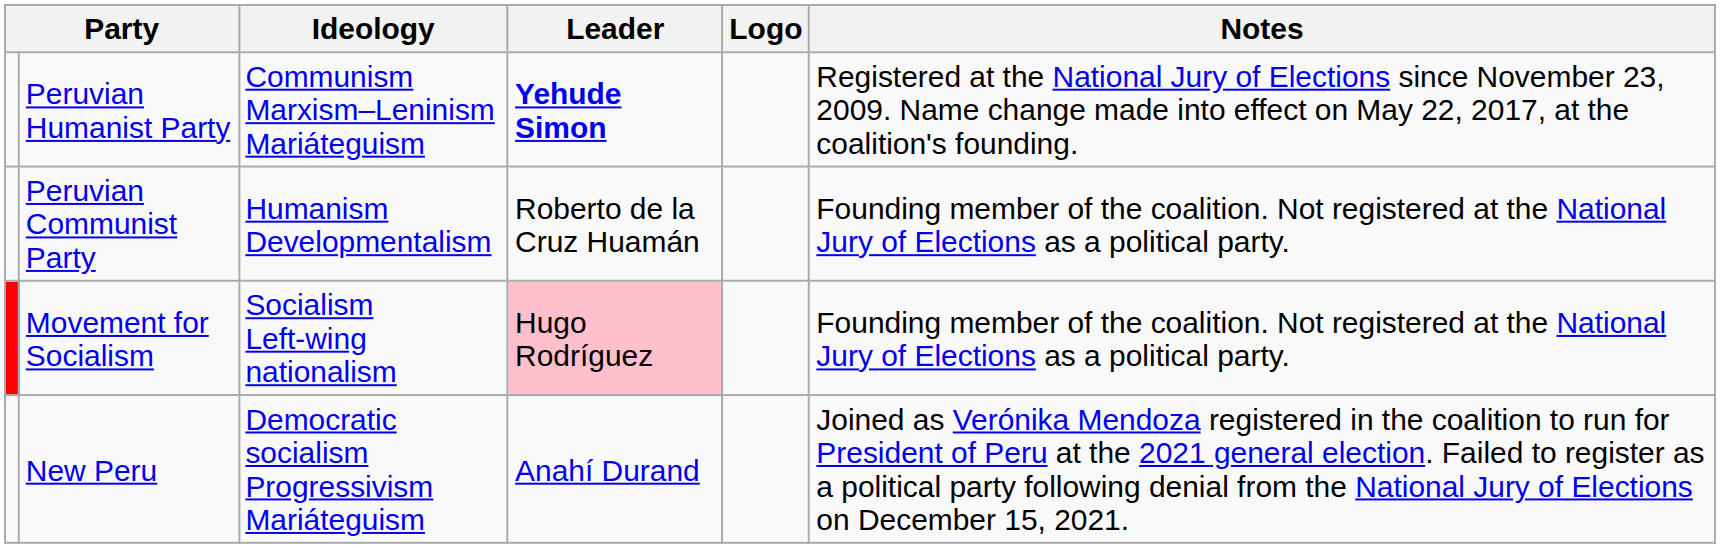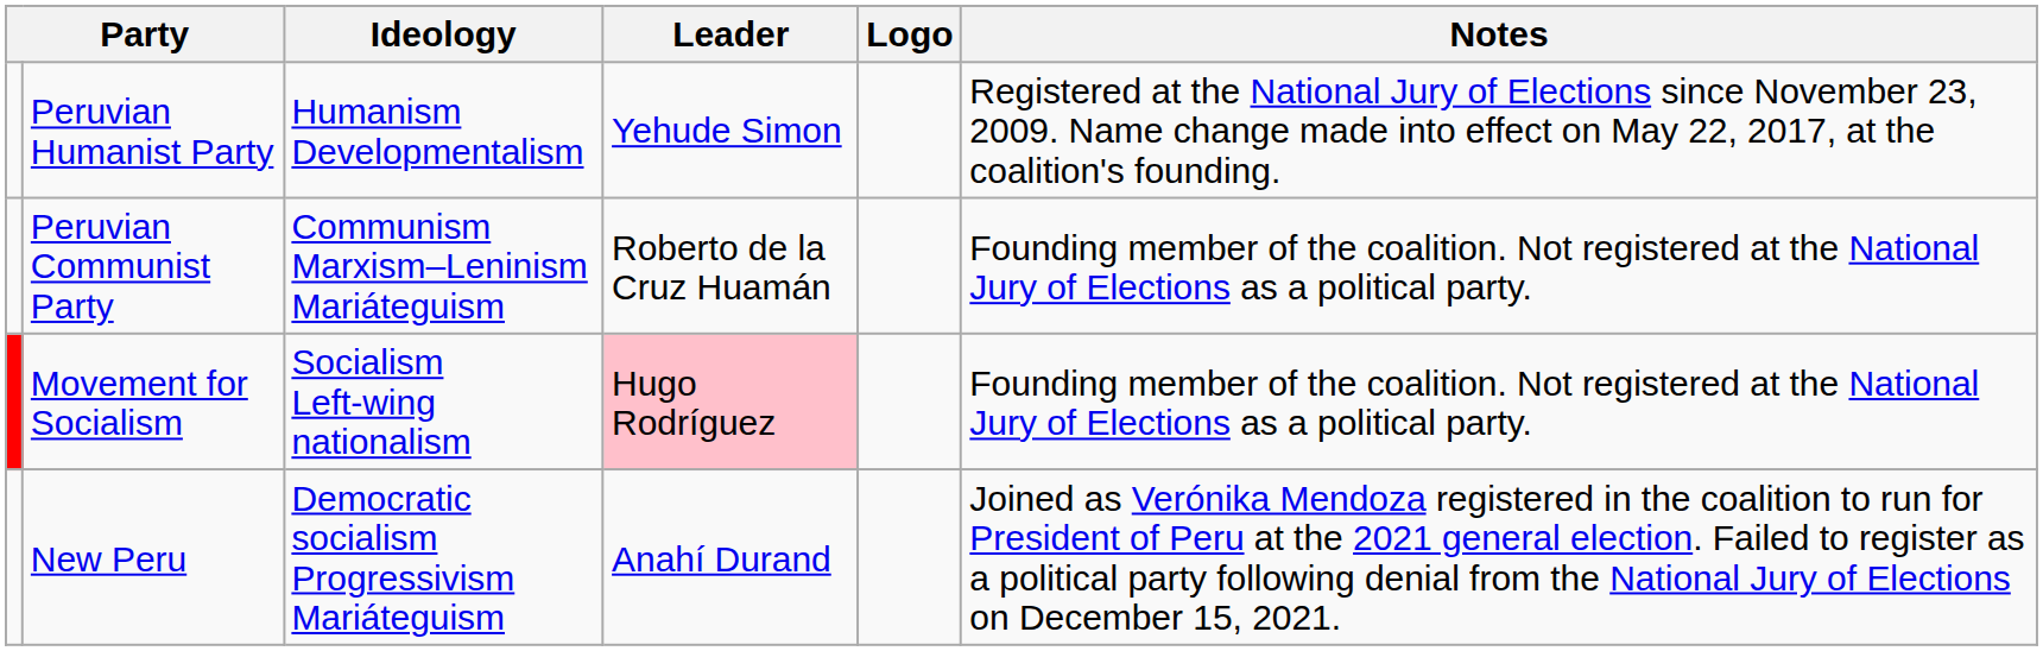 <table class="wikitable" style="font-size:95%">
 <tr>
 <th colspan="2">Party</th>
 <th>Ideology</th>
 <th>Leader</th>
 <th>Logo</th>
 <th>Notes</th>
 </tr>
 <tr>
 <td></td>
 <td><a href='#'>Peruvian Humanist Party</a></td>
-<td><a href='#'>Communism</a><br><a href='#'>Marxism–Leninism</a><br><a href='#'>Mariáteguism</a></td>
-<td><strong><a href='#'>Yehude Simon</a></strong></td>
+<td><a href='#'>Humanism</a><br><a href='#'>Developmentalism</a></td>
+<td><a href='#'>Yehude Simon</a></td>
 <td></td>
 <td>Registered at the <a href='#'>National Jury of Elections</a> since November 23, 2009. Name change made into effect on May 22, 2017, at the coalition's founding.</td>
 </tr>
 <tr>
 <td></td>
 <td><a href='#'>Peruvian Communist Party</a></td>
-<td><a href='#'>Humanism</a><br><a href='#'>Developmentalism</a></td>
+<td><a href='#'>Communism</a><br><a href='#'>Marxism–Leninism</a><br><a href='#'>Mariáteguism</a></td>
 <td>Roberto de la Cruz Huamán</td>
 <td></td>
 <td>Founding member of the coalition. Not registered at the <a href='#'>National Jury of Elections</a> as a political party.</td>
 </tr>
 <tr>
 <td bgcolor=red></td>
 <td><a href='#'>Movement for Socialism</a></td>
 <td><a href='#'>Socialism</a><br><a href='#'>Left-wing nationalism</a></td>
 <td style="background: pink;">Hugo Rodríguez</td>
 <td></td>
 <td>Founding member of the coalition. Not registered at the <a href='#'>National Jury of Elections</a> as a political party.</td>
 </tr>
 <tr>
 <td></td>
 <td><a href='#'>New Peru</a></td>
 <td><a href='#'>Democratic socialism</a><br><a href='#'>Progressivism</a><br><a href='#'>Mariáteguism</a></td>
 <td><a href='#'>Anahí Durand</a></td>
 <td></td>
 <td>Joined as <a href='#'>Verónika Mendoza</a> registered in the coalition to run for <a href='#'>President of Peru</a> at the <a href='#'>2021 general election</a>. Failed to register as a political party following denial from the <a href='#'>National Jury of Elections</a> on December 15, 2021.</td>
 </tr>
 </table>
